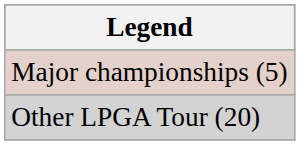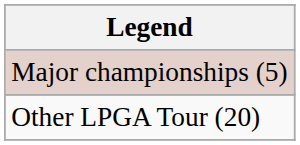 <table class="wikitable" style="font-size:95%;">
 <tr>
 <th>Legend</th>
 </tr>
 <tr style="background:#e5d1cb;">
 <td>Major championships (5)</td>
 </tr>
 <tr>
-<td style="background: lightgrey;">Other LPGA Tour (20)</td>
+<td>Other LPGA Tour (20)</td>
 </tr>
 </table>
